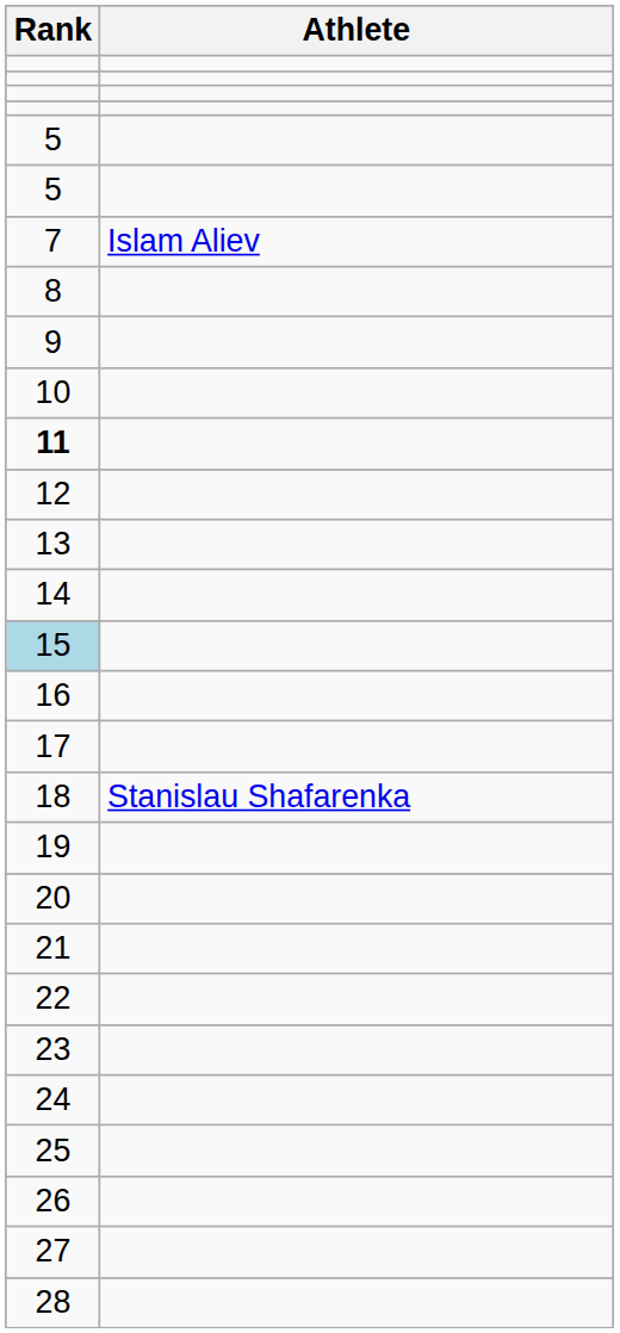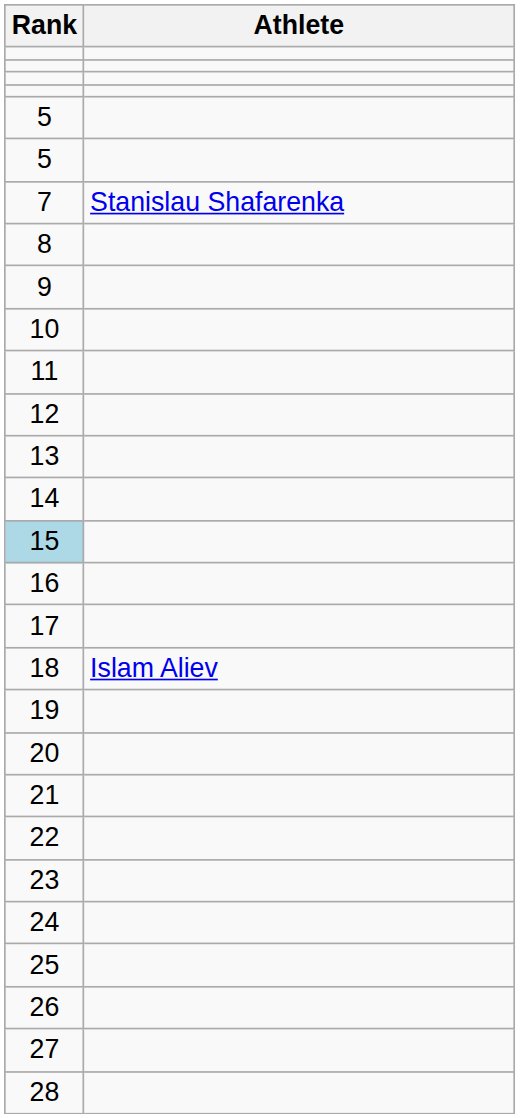 <table class="wikitable" style="text-align: center;">
 <tr>
 <th width=40>Rank</th>
 <th width=250>Athlete</th>
 </tr>
 <tr>
 <td></td>
 <td align="left"></td>
 </tr>
 <tr>
 <td></td>
 <td align="left"></td>
 </tr>
 <tr>
 <td></td>
 <td align="left"></td>
 </tr>
 <tr>
 <td></td>
 <td align="left"></td>
 </tr>
 <tr>
 <td>5</td>
 <td align="left"></td>
 </tr>
 <tr>
 <td>5</td>
 <td align="left"></td>
 </tr>
 <tr>
 <td>7</td>
-<td align="left"> <a href='#'>Islam Aliev</a> </td>
+<td align="left"> <a href='#'>Stanislau Shafarenka</a> </td>
 </tr>
 <tr>
 <td>8</td>
 <td align="left"></td>
 </tr>
 <tr>
 <td>9</td>
 <td align="left"></td>
 </tr>
 <tr>
 <td>10</td>
 <td align="left"></td>
 </tr>
 <tr>
-<td><strong>11</strong></td>
+<td>11</td>
 <td align="left"></td>
 </tr>
 <tr>
 <td>12</td>
 <td align="left"></td>
 </tr>
 <tr>
 <td>13</td>
 <td align="left"></td>
 </tr>
 <tr>
 <td>14</td>
 <td align="left"></td>
 </tr>
 <tr>
 <td style="background: lightblue;">15</td>
 <td align="left"></td>
 </tr>
 <tr>
 <td>16</td>
 <td align="left"></td>
 </tr>
 <tr>
 <td>17</td>
 <td align="left"></td>
 </tr>
 <tr>
 <td>18</td>
-<td align="left"> <a href='#'>Stanislau Shafarenka</a> </td>
+<td align="left"> <a href='#'>Islam Aliev</a> </td>
 </tr>
 <tr>
 <td>19</td>
 <td align="left"></td>
 </tr>
 <tr>
 <td>20</td>
 <td align="left"></td>
 </tr>
 <tr>
 <td>21</td>
 <td align="left"></td>
 </tr>
 <tr>
 <td>22</td>
 <td align="left"></td>
 </tr>
 <tr>
 <td>23</td>
 <td align="left"></td>
 </tr>
 <tr>
 <td>24</td>
 <td align="left"></td>
 </tr>
 <tr>
 <td>25</td>
 <td align="left"></td>
 </tr>
 <tr>
 <td>26</td>
 <td align="left"></td>
 </tr>
 <tr>
 <td>27</td>
 <td align="left"></td>
 </tr>
 <tr>
 <td>28</td>
 <td align="left"></td>
 </tr>
 </table>
